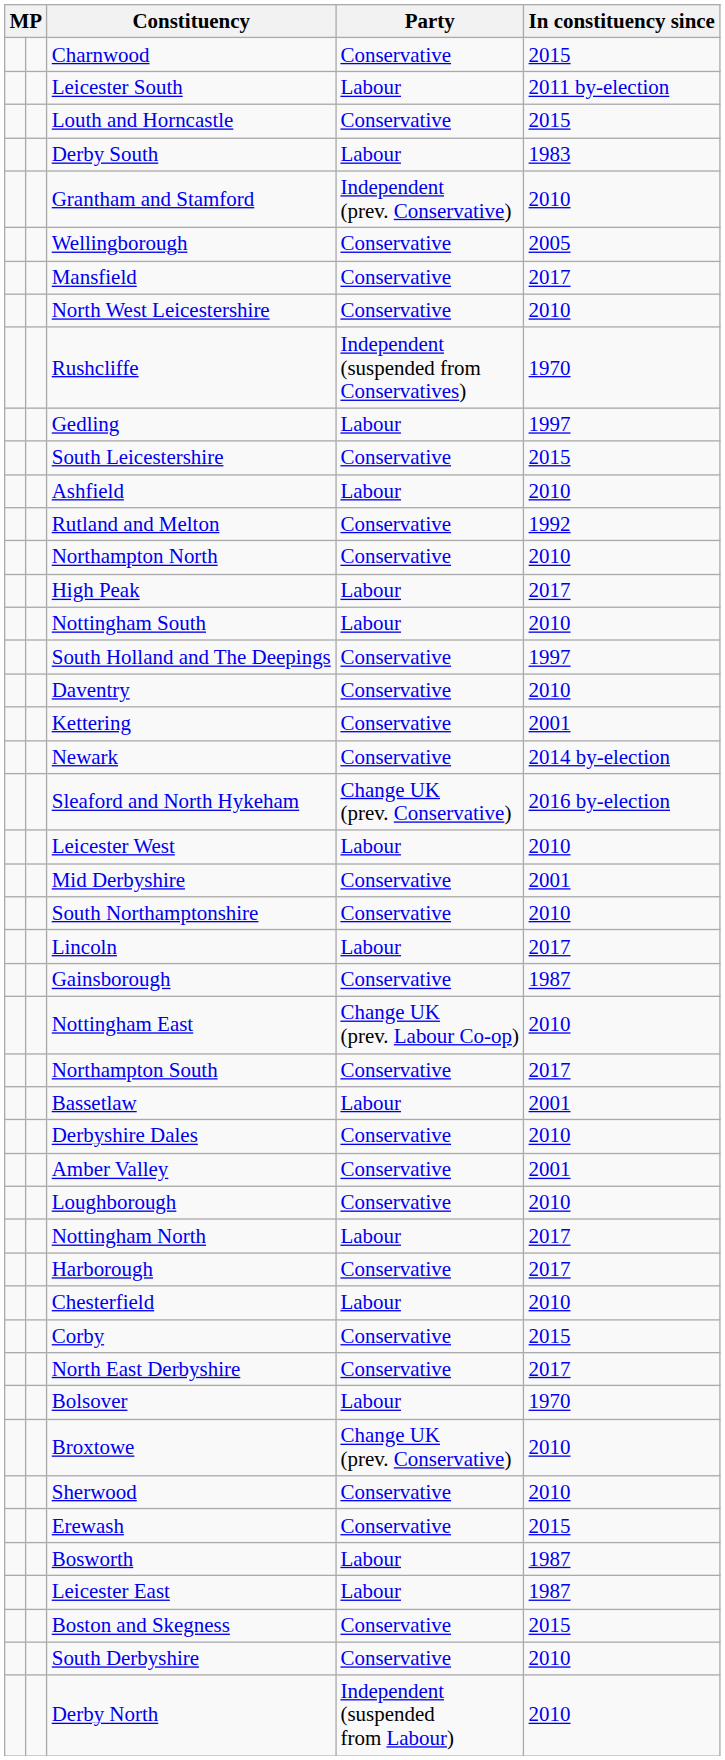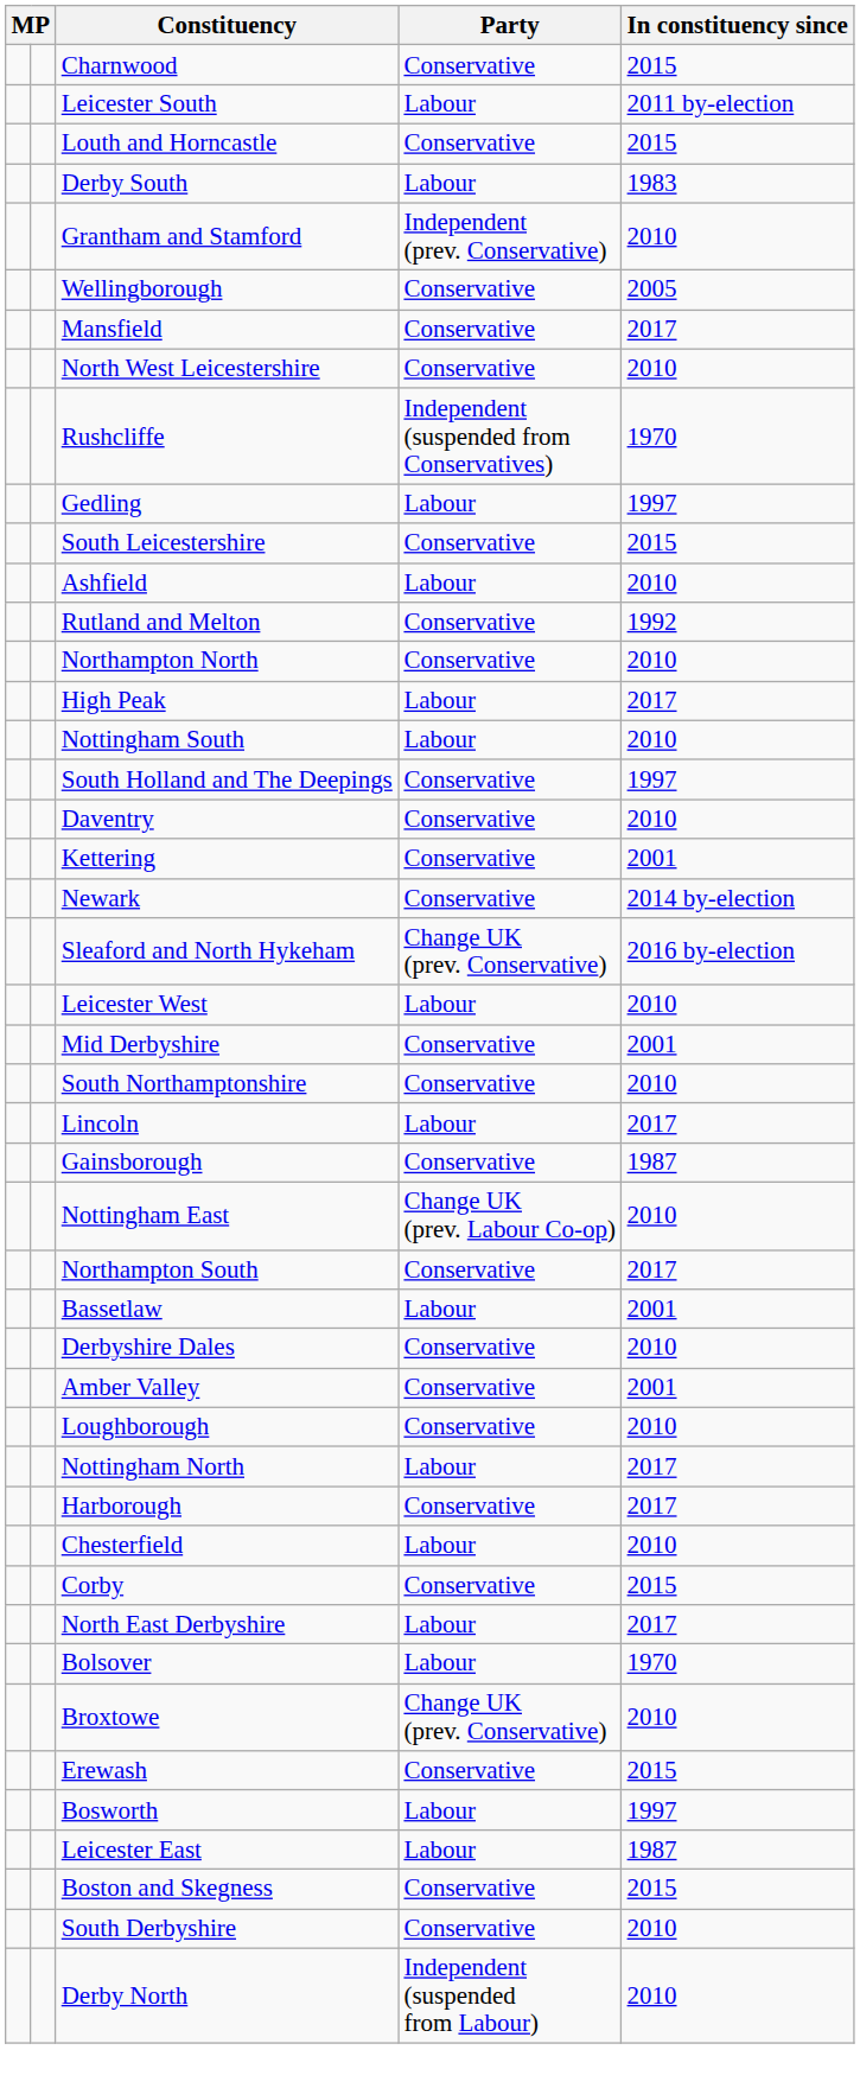 <table class="wikitable sortable">
 <tr>
 <th colspan=2>MP</th>
 <th>Constituency</th>
 <th>Party</th>
 <th>In constituency since</th>
 </tr>
 <tr>
 <td style="background-color: "></td>
 <td></td>
 <td><a href='#'>Charnwood</a></td>
 <td><a href='#'>Conservative</a></td>
 <td><a href='#'>2015</a></td>
 </tr>
 <tr>
 <td style="background-color: "></td>
 <td></td>
 <td><a href='#'>Leicester South</a></td>
 <td><a href='#'>Labour</a></td>
 <td><a href='#'>2011 by-election</a></td>
 </tr>
 <tr>
 <td style="background-color: "></td>
 <td></td>
 <td><a href='#'>Louth and Horncastle</a></td>
 <td><a href='#'>Conservative</a></td>
 <td><a href='#'>2015</a></td>
 </tr>
 <tr>
 <td style="background-color: "></td>
 <td></td>
 <td><a href='#'>Derby South</a></td>
 <td><a href='#'>Labour</a></td>
 <td><a href='#'>1983</a></td>
 </tr>
 <tr>
 <td style="background-color: "></td>
 <td></td>
 <td><a href='#'>Grantham and Stamford</a></td>
 <td><a href='#'>Independent</a><br>(prev. <a href='#'>Conservative</a>)</td>
 <td><a href='#'>2010</a></td>
 </tr>
 <tr>
 <td style="background-color: "></td>
 <td></td>
 <td><a href='#'>Wellingborough</a></td>
 <td><a href='#'>Conservative</a></td>
 <td><a href='#'>2005</a></td>
 </tr>
 <tr>
 <td style="background-color: "></td>
 <td></td>
 <td><a href='#'>Mansfield</a></td>
 <td><a href='#'>Conservative</a></td>
 <td><a href='#'>2017</a></td>
 </tr>
 <tr>
 <td style="background-color: "></td>
 <td></td>
 <td><a href='#'>North West Leicestershire</a></td>
 <td><a href='#'>Conservative</a></td>
 <td><a href='#'>2010</a></td>
 </tr>
 <tr>
 <td style="background-color: "></td>
 <td></td>
 <td><a href='#'>Rushcliffe</a></td>
 <td><a href='#'>Independent</a><br>(suspended from<br><a href='#'>Conservatives</a>)</td>
 <td><a href='#'>1970</a></td>
 </tr>
 <tr>
 <td style="background-color: "></td>
 <td></td>
 <td><a href='#'>Gedling</a></td>
 <td><a href='#'>Labour</a></td>
 <td><a href='#'>1997</a></td>
 </tr>
 <tr>
 <td style="background-color: "></td>
 <td></td>
 <td><a href='#'>South Leicestershire</a></td>
 <td><a href='#'>Conservative</a></td>
 <td><a href='#'>2015</a></td>
 </tr>
 <tr>
 <td style="background-color: "></td>
 <td></td>
 <td><a href='#'>Ashfield</a></td>
 <td><a href='#'>Labour</a></td>
 <td><a href='#'>2010</a></td>
 </tr>
 <tr>
 <td style="background-color: "></td>
 <td></td>
 <td><a href='#'>Rutland and Melton</a></td>
 <td><a href='#'>Conservative</a></td>
 <td><a href='#'>1992</a></td>
 </tr>
 <tr>
 <td style="background-color: "></td>
 <td></td>
 <td><a href='#'>Northampton North</a></td>
 <td><a href='#'>Conservative</a></td>
 <td><a href='#'>2010</a></td>
 </tr>
 <tr>
 <td style="background-color: "></td>
 <td></td>
 <td><a href='#'>High Peak</a></td>
 <td><a href='#'>Labour</a></td>
 <td><a href='#'>2017</a></td>
 </tr>
 <tr>
 <td style="background-color: "></td>
 <td></td>
 <td><a href='#'>Nottingham South</a></td>
 <td><a href='#'>Labour</a></td>
 <td><a href='#'>2010</a></td>
 </tr>
 <tr>
 <td style="background-color: "></td>
 <td></td>
 <td><a href='#'>South Holland and The Deepings</a></td>
 <td><a href='#'>Conservative</a></td>
 <td><a href='#'>1997</a></td>
 </tr>
 <tr>
 <td style="background-color: "></td>
 <td></td>
 <td><a href='#'>Daventry</a></td>
 <td><a href='#'>Conservative</a></td>
 <td><a href='#'>2010</a></td>
 </tr>
 <tr>
 <td style="background-color: "></td>
 <td></td>
 <td><a href='#'>Kettering</a></td>
 <td><a href='#'>Conservative</a></td>
 <td><a href='#'>2001</a></td>
 </tr>
 <tr>
 <td style="background-color: "></td>
 <td></td>
 <td><a href='#'>Newark</a></td>
 <td><a href='#'>Conservative</a></td>
 <td><a href='#'>2014 by-election</a></td>
 </tr>
 <tr>
 <td style="background-color: "></td>
 <td></td>
 <td><a href='#'>Sleaford and North Hykeham</a></td>
 <td><a href='#'>Change UK</a><br>(prev. <a href='#'>Conservative</a>)</td>
 <td><a href='#'>2016 by-election</a></td>
 </tr>
 <tr>
 <td style="background-color: "></td>
 <td></td>
 <td><a href='#'>Leicester West</a></td>
 <td><a href='#'>Labour</a></td>
 <td><a href='#'>2010</a></td>
 </tr>
 <tr>
 <td style="background-color: "></td>
 <td></td>
 <td><a href='#'>Mid Derbyshire</a></td>
 <td><a href='#'>Conservative</a></td>
 <td><a href='#'>2001</a></td>
 </tr>
 <tr>
 <td style="background-color: "></td>
 <td></td>
 <td><a href='#'>South Northamptonshire</a></td>
 <td><a href='#'>Conservative</a></td>
 <td><a href='#'>2010</a></td>
 </tr>
 <tr>
 <td style="background-color: "></td>
 <td></td>
 <td><a href='#'>Lincoln</a></td>
 <td><a href='#'>Labour</a></td>
 <td><a href='#'>2017</a></td>
 </tr>
 <tr>
 <td style="background-color: "></td>
 <td></td>
 <td><a href='#'>Gainsborough</a></td>
 <td><a href='#'>Conservative</a></td>
 <td><a href='#'>1987</a></td>
 </tr>
 <tr>
 <td style="background-color: "></td>
 <td></td>
 <td><a href='#'>Nottingham East</a></td>
 <td><a href='#'>Change UK</a><br>(prev. <a href='#'>Labour Co-op</a>)</td>
 <td><a href='#'>2010</a></td>
 </tr>
 <tr>
 <td style="background-color: "></td>
 <td></td>
 <td><a href='#'>Northampton South</a></td>
 <td><a href='#'>Conservative</a></td>
 <td><a href='#'>2017</a></td>
 </tr>
 <tr>
 <td style="background-color: "></td>
 <td></td>
 <td><a href='#'>Bassetlaw</a></td>
 <td><a href='#'>Labour</a></td>
 <td><a href='#'>2001</a></td>
 </tr>
 <tr>
 <td style="background-color: "></td>
 <td></td>
 <td><a href='#'>Derbyshire Dales</a></td>
 <td><a href='#'>Conservative</a></td>
 <td><a href='#'>2010</a></td>
 </tr>
 <tr>
 <td style="background-color: "></td>
 <td></td>
 <td><a href='#'>Amber Valley</a></td>
 <td><a href='#'>Conservative</a></td>
 <td><a href='#'>2001</a></td>
 </tr>
 <tr>
 <td style="background-color: "></td>
 <td></td>
 <td><a href='#'>Loughborough</a></td>
 <td><a href='#'>Conservative</a></td>
 <td><a href='#'>2010</a></td>
 </tr>
 <tr>
 <td style="background-color: "></td>
 <td></td>
 <td><a href='#'>Nottingham North</a></td>
 <td><a href='#'>Labour</a></td>
 <td><a href='#'>2017</a></td>
 </tr>
 <tr>
 <td style="background-color: "></td>
 <td></td>
 <td><a href='#'>Harborough</a></td>
 <td><a href='#'>Conservative</a></td>
 <td><a href='#'>2017</a></td>
 </tr>
 <tr>
 <td style="background-color: "></td>
 <td></td>
 <td><a href='#'>Chesterfield</a></td>
 <td><a href='#'>Labour</a></td>
 <td><a href='#'>2010</a></td>
 </tr>
 <tr>
 <td style="background-color: "></td>
 <td></td>
 <td><a href='#'>Corby</a></td>
 <td><a href='#'>Conservative</a></td>
 <td><a href='#'>2015</a></td>
 </tr>
 <tr>
 <td style="background-color: "></td>
 <td></td>
 <td><a href='#'>North East Derbyshire</a></td>
-<td><a href='#'>Conservative</a></td>
+<td><a href='#'>Labour</a></td>
 <td><a href='#'>2017</a></td>
 </tr>
 <tr>
 <td style="background-color: "></td>
 <td></td>
 <td><a href='#'>Bolsover</a></td>
 <td><a href='#'>Labour</a></td>
 <td><a href='#'>1970</a></td>
 </tr>
 <tr>
 <td style="background-color: "></td>
 <td></td>
 <td><a href='#'>Broxtowe</a></td>
 <td><a href='#'>Change UK</a><br>(prev. <a href='#'>Conservative</a>)</td>
 <td><a href='#'>2010</a></td>
 </tr>
 <tr>
 <td style="background-color: "></td>
 <td></td>
-<td><a href='#'>Sherwood</a></td>
-<td><a href='#'>Conservative</a></td>
-<td><a href='#'>2010</a></td>
-</tr>
-<tr>
-<td style="background-color: "></td>
-<td></td>
 <td><a href='#'>Erewash</a></td>
 <td><a href='#'>Conservative</a></td>
 <td><a href='#'>2015</a></td>
 </tr>
 <tr>
 <td style="background-color: "></td>
 <td></td>
 <td><a href='#'>Bosworth</a></td>
 <td><a href='#'>Labour</a></td>
-<td><a href='#'>1987</a></td>
+<td><a href='#'>1997</a></td>
 </tr>
 <tr>
 <td style="background-color: "></td>
 <td></td>
 <td><a href='#'>Leicester East</a></td>
 <td><a href='#'>Labour</a></td>
 <td><a href='#'>1987</a></td>
 </tr>
 <tr>
 <td style="background-color: "></td>
 <td></td>
 <td><a href='#'>Boston and Skegness</a></td>
 <td><a href='#'>Conservative</a></td>
 <td><a href='#'>2015</a></td>
 </tr>
 <tr>
 <td style="background-color: "></td>
 <td></td>
 <td><a href='#'>South Derbyshire</a></td>
 <td><a href='#'>Conservative</a></td>
 <td><a href='#'>2010</a></td>
 </tr>
 <tr>
 <td style="background-color: "></td>
 <td></td>
 <td><a href='#'>Derby North</a></td>
 <td><a href='#'>Independent</a><br>(suspended<br>from <a href='#'>Labour</a>)</td>
 <td><a href='#'>2010</a></td>
 </tr>
 </table>
